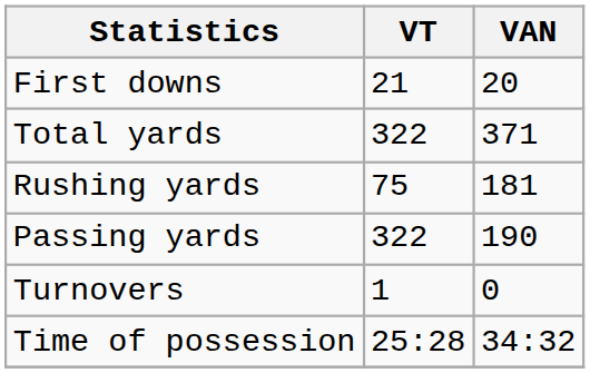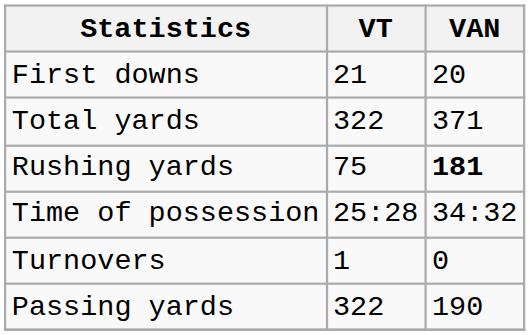 <table class="wikitable" style="float: left;">
 <tr>
 <th>Statistics</th>
 <th>VT</th>
 <th>VAN</th>
 </tr>
 <tr>
 <td>First downs</td>
 <td>21</td>
 <td>20</td>
 </tr>
 <tr>
 <td>Total yards</td>
 <td>322</td>
 <td>371</td>
 </tr>
 <tr>
 <td>Rushing yards</td>
 <td>75</td>
-<td>181</td>
+<td><strong>181</strong></td>
+</tr>
+<tr>
+<td>Time of possession</td>
+<td>25:28</td>
+<td>34:32</td>
+</tr>
+<tr>
+<td>Turnovers</td>
+<td>1</td>
+<td>0</td>
 </tr>
 <tr>
 <td>Passing yards</td>
 <td>322</td>
 <td>190</td>
 </tr>
 <tr>
-<td>Turnovers</td>
-<td>1</td>
-<td>0</td>
-</tr>
-<tr>
-<td>Time of possession</td>
-<td>25:28</td>
-<td>34:32</td>
-</tr>
-<tr>
 </tr>
 </table>
